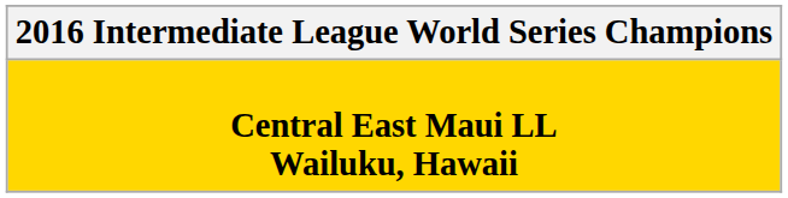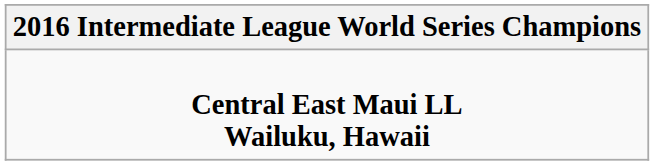 <table class="wikitable" style="text-align: center; margin: 0 auto;">
 <tr>
 <th>2016 Intermediate League World Series Champions</th>
 </tr>
 <tr>
-<td style="background: gold;"><br><strong>Central East Maui LL</strong><br><strong>Wailuku, Hawaii</strong></td>
+<td><br><strong>Central East Maui LL</strong><br><strong>Wailuku, Hawaii</strong></td>
 </tr>
 </table>
